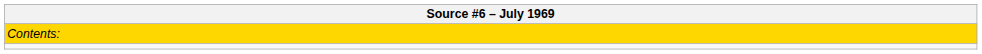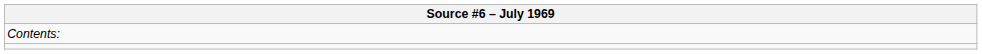 <table class="wikitable" style="width:100%;">
 <tr>
 <th><strong>Source #6</strong> – July 1969</th>
 </tr>
 <tr>
-<td style="background: gold;"><em>Contents:</em></td>
+<td><em>Contents:</em></td>
 </tr>
 <tr>
 <td></td>
 </tr>
 </table>
